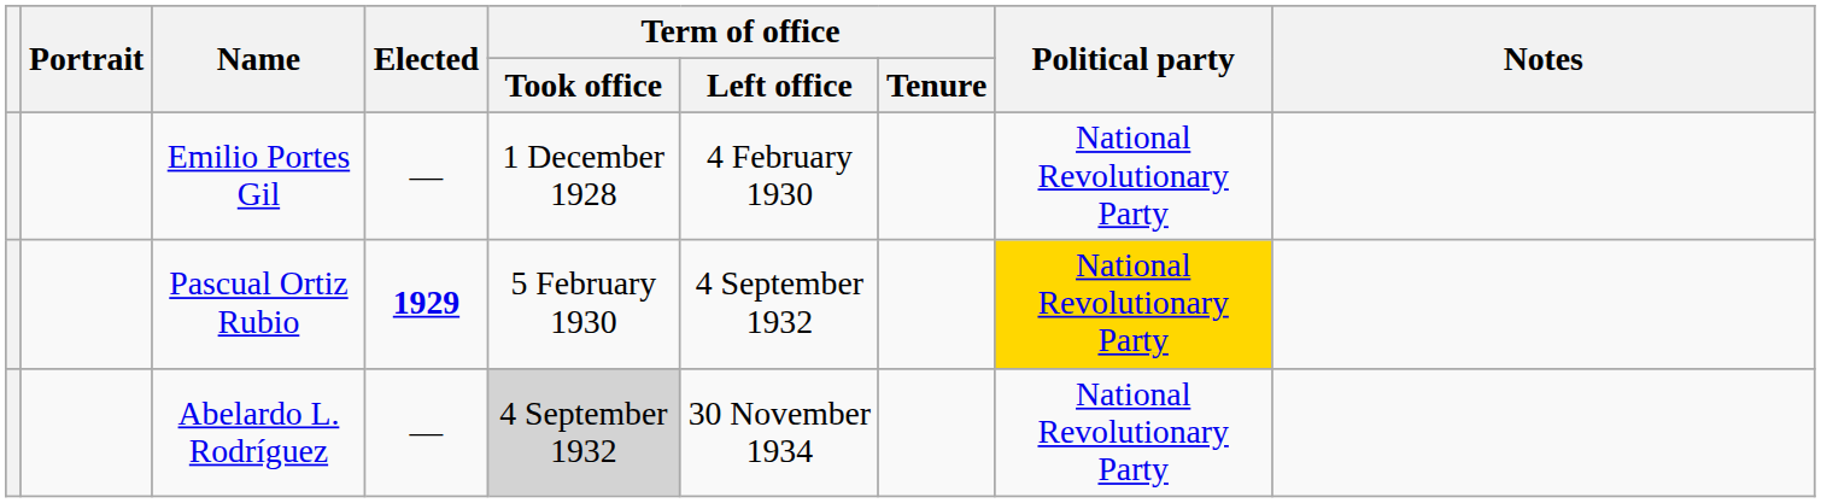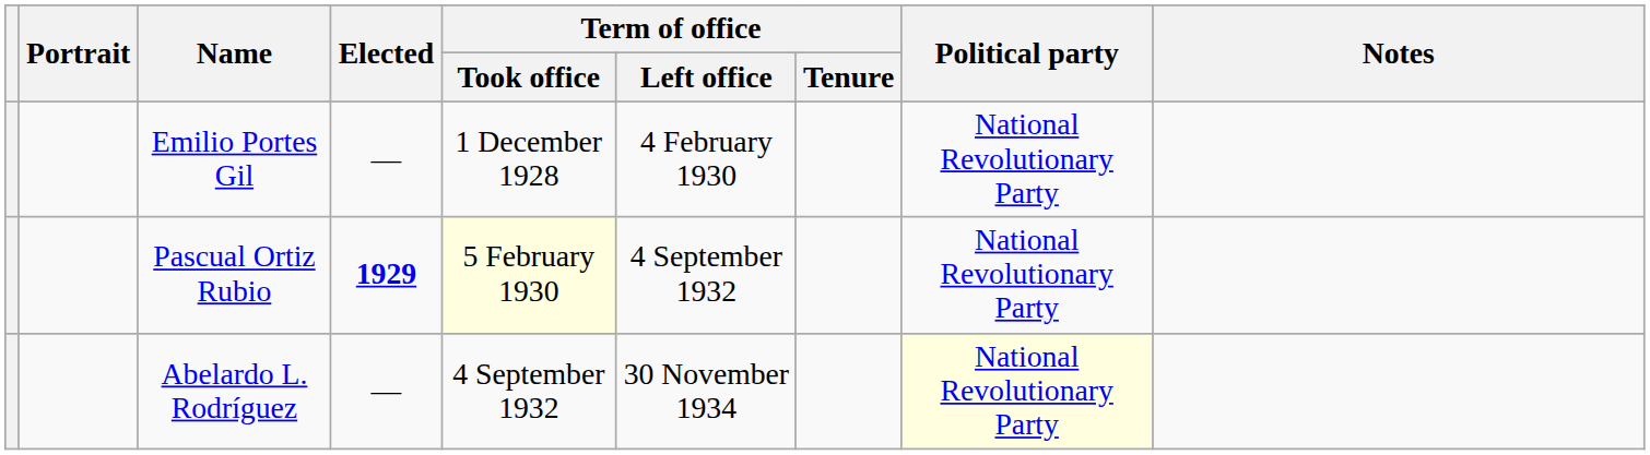 <table class="wikitable" style="text-align:center;">
 <tr>
 <th rowspan="2"></th>
 <th rowspan="2">Portrait</th>
 <th rowspan="2">Name<br></th>
 <th rowspan="2">Elected</th>
 <th colspan="3">Term of office</th>
 <th rowspan="2">Political party</th>
 <th rowspan="2">Notes</th>
 </tr>
 <tr>
 <th>Took office</th>
 <th>Left office</th>
 <th>Tenure</th>
 </tr>
 <tr>
 <th style="background:"></th>
 <td></td>
 <td><a href='#'>Emilio Portes Gil</a><br></td>
 <td>—</td>
 <td>1 December 1928</td>
 <td>4 February 1930</td>
 <td></td>
 <td><a href='#'>National Revolutionary Party</a></td>
 <td style="width:30%;"></td>
 </tr>
 <tr>
 <th style="background:"></th>
 <td></td>
 <td><a href='#'>Pascual Ortiz Rubio</a><br></td>
 <td><strong><a href='#'>1929</a></strong></td>
-<td>5 February 1930</td>
+<td style="background: lightyellow;">5 February 1930</td>
 <td>4 September 1932</td>
 <td></td>
-<td style="background: gold;"><a href='#'>National Revolutionary Party</a></td>
+<td><a href='#'>National Revolutionary Party</a></td>
 <td style="width:30%;"></td>
 </tr>
 <tr>
 <th style="background:"></th>
 <td></td>
 <td><a href='#'>Abelardo L. Rodríguez</a><br></td>
 <td>—</td>
-<td style="background: lightgrey;">4 September 1932</td>
+<td>4 September 1932</td>
 <td>30 November 1934</td>
 <td></td>
-<td><a href='#'>National Revolutionary Party</a></td>
+<td style="background: lightyellow;"><a href='#'>National Revolutionary Party</a></td>
 <td style="width:30%;"></td>
 </tr>
 </table>
